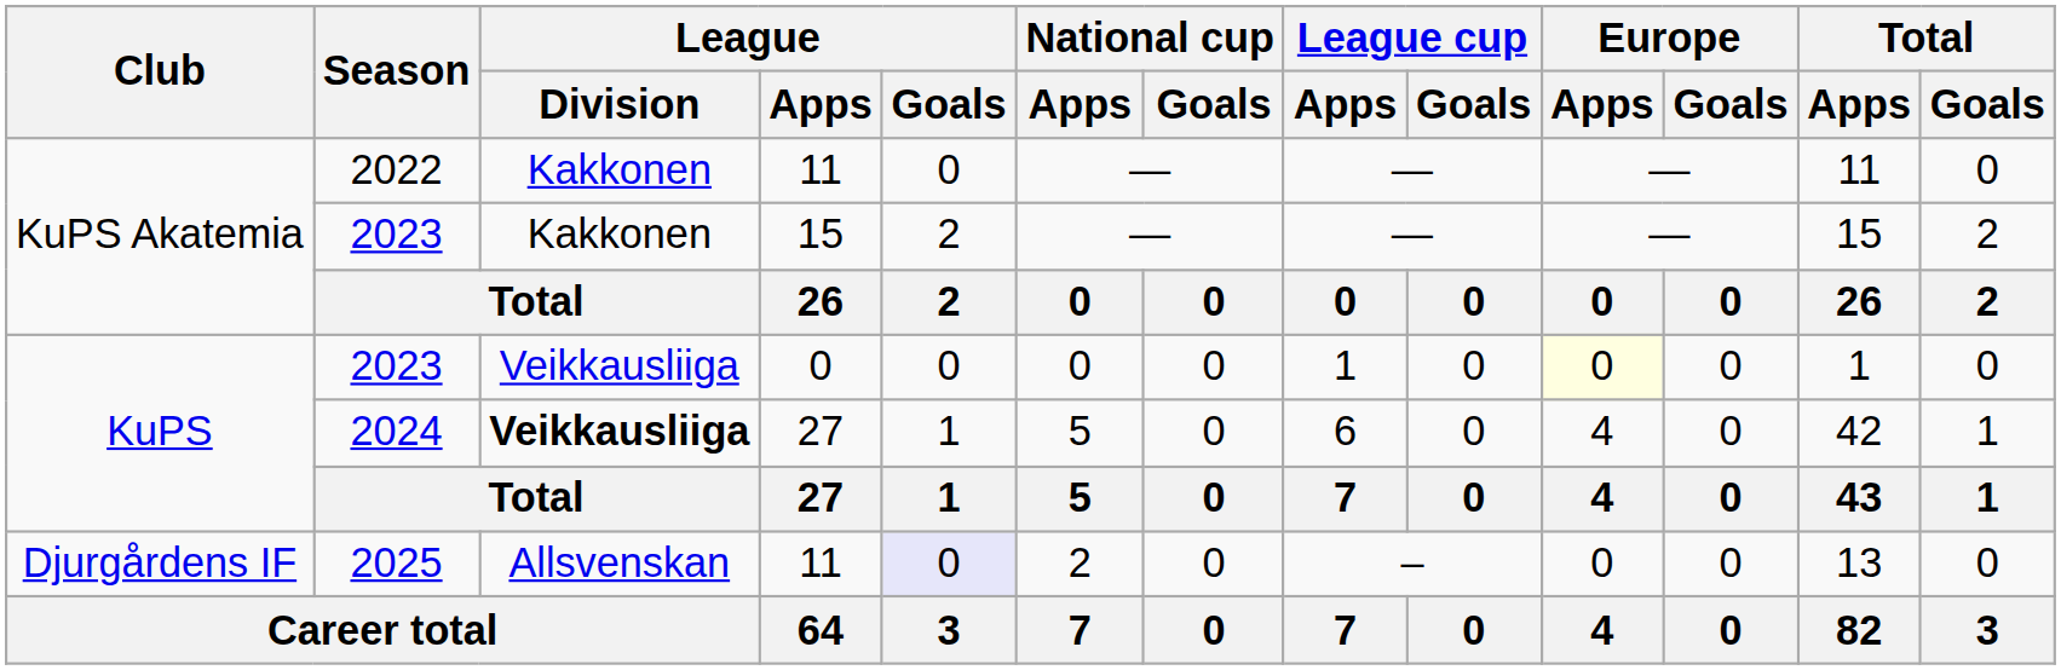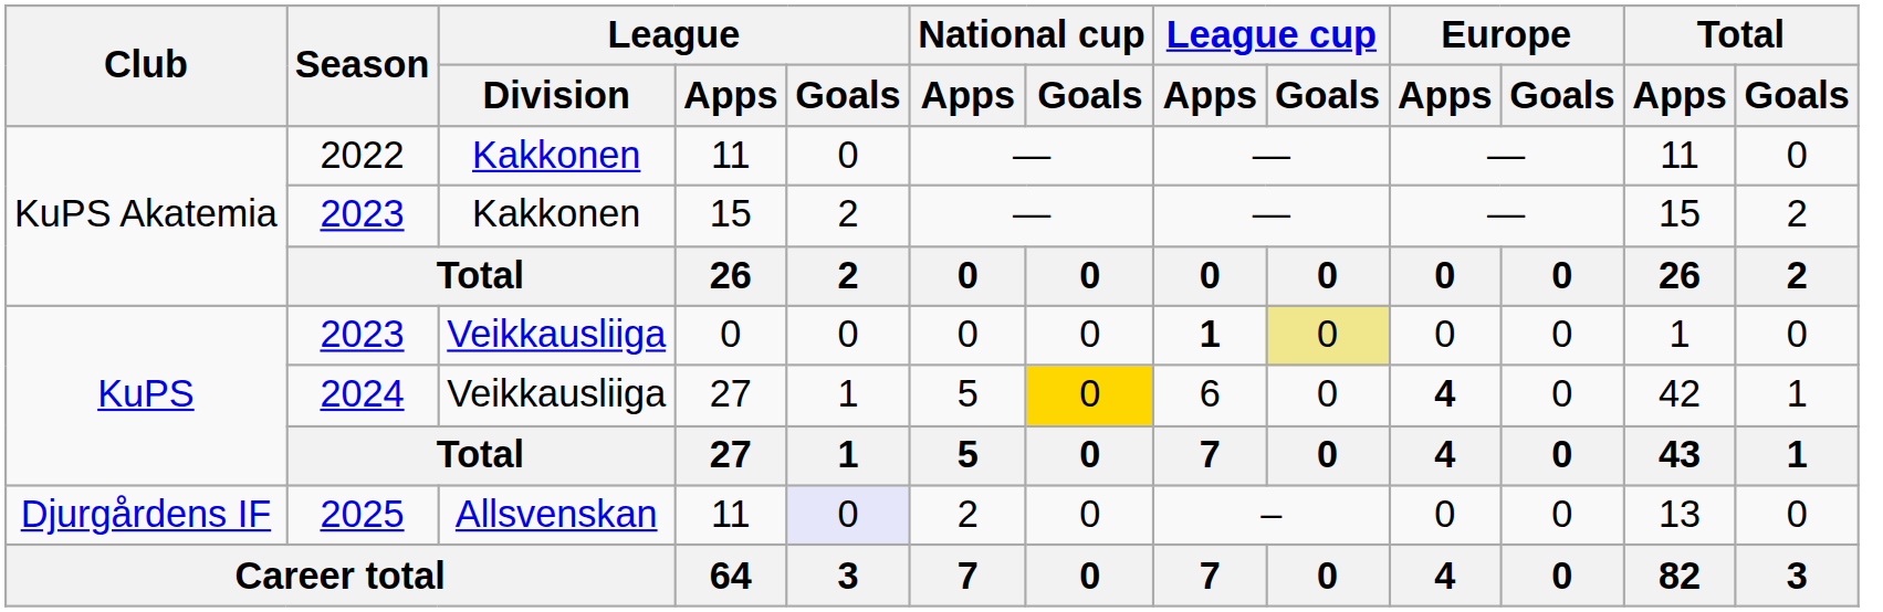 <table class="wikitable" style="text-align:center">
 <tr>
 <th rowspan="2">Club</th>
 <th rowspan="2">Season</th>
 <th colspan="3">League</th>
 <th colspan="2">National cup</th>
 <th colspan="2"><a href='#'>League cup</a></th>
 <th colspan="2">Europe</th>
 <th colspan="2">Total</th>
 </tr>
 <tr>
 <th>Division</th>
 <th>Apps</th>
 <th>Goals</th>
 <th>Apps</th>
 <th>Goals</th>
 <th>Apps</th>
 <th>Goals</th>
 <th>Apps</th>
 <th>Goals</th>
 <th>Apps</th>
 <th>Goals</th>
 </tr>
 <tr>
 <td rowspan="3">KuPS Akatemia</td>
 <td>2022</td>
 <td><a href='#'>Kakkonen</a></td>
 <td>11</td>
 <td>0</td>
 <td colspan="2">—</td>
 <td colspan="2">—</td>
 <td colspan="2">—</td>
 <td>11</td>
 <td>0</td>
 </tr>
 <tr>
 <td><a href='#'>2023</a></td>
 <td>Kakkonen</td>
 <td>15</td>
 <td>2</td>
 <td colspan="2">—</td>
 <td colspan="2">—</td>
 <td colspan="2">—</td>
 <td>15</td>
 <td>2</td>
 </tr>
 <tr>
 <th colspan="2">Total</th>
 <th>26</th>
 <th>2</th>
 <th>0</th>
 <th>0</th>
 <th>0</th>
 <th>0</th>
 <th>0</th>
 <th>0</th>
 <th>26</th>
 <th>2</th>
 </tr>
 <tr>
 <td rowspan="3"><a href='#'>KuPS</a></td>
 <td><a href='#'>2023</a></td>
 <td><a href='#'>Veikkausliiga</a></td>
 <td>0</td>
 <td>0</td>
 <td>0</td>
 <td>0</td>
-<td>1</td>
+<td><strong>1</strong></td>
+<td style="background: khaki;">0</td>
 <td>0</td>
-<td style="background: lightyellow;">0</td>
 <td>0</td>
 <td>1</td>
 <td>0</td>
 </tr>
 <tr>
 <td><a href='#'>2024</a></td>
-<td><strong>Veikkausliiga</strong></td>
+<td>Veikkausliiga</td>
 <td>27</td>
 <td>1</td>
 <td>5</td>
-<td>0</td>
+<td style="background: gold;">0</td>
 <td>6</td>
 <td>0</td>
-<td>4</td>
+<td><strong>4</strong></td>
 <td>0</td>
 <td>42</td>
 <td>1</td>
 </tr>
 <tr>
 <th colspan="2">Total</th>
 <th>27</th>
 <th>1</th>
 <th>5</th>
 <th>0</th>
 <th>7</th>
 <th>0</th>
 <th>4</th>
 <th>0</th>
 <th>43</th>
 <th>1</th>
 </tr>
 <tr>
 <td><a href='#'>Djurgårdens IF</a></td>
 <td><a href='#'>2025</a></td>
 <td><a href='#'>Allsvenskan</a></td>
 <td>11</td>
 <td style="background: lavender;">0</td>
 <td>2</td>
 <td>0</td>
 <td colspan=2>–</td>
 <td>0</td>
 <td>0</td>
 <td>13</td>
 <td>0</td>
 </tr>
 <tr>
 <th colspan="3">Career total</th>
 <th>64</th>
 <th>3</th>
 <th>7</th>
 <th>0</th>
 <th>7</th>
 <th>0</th>
 <th>4</th>
 <th>0</th>
 <th>82</th>
 <th>3</th>
 </tr>
 </table>
